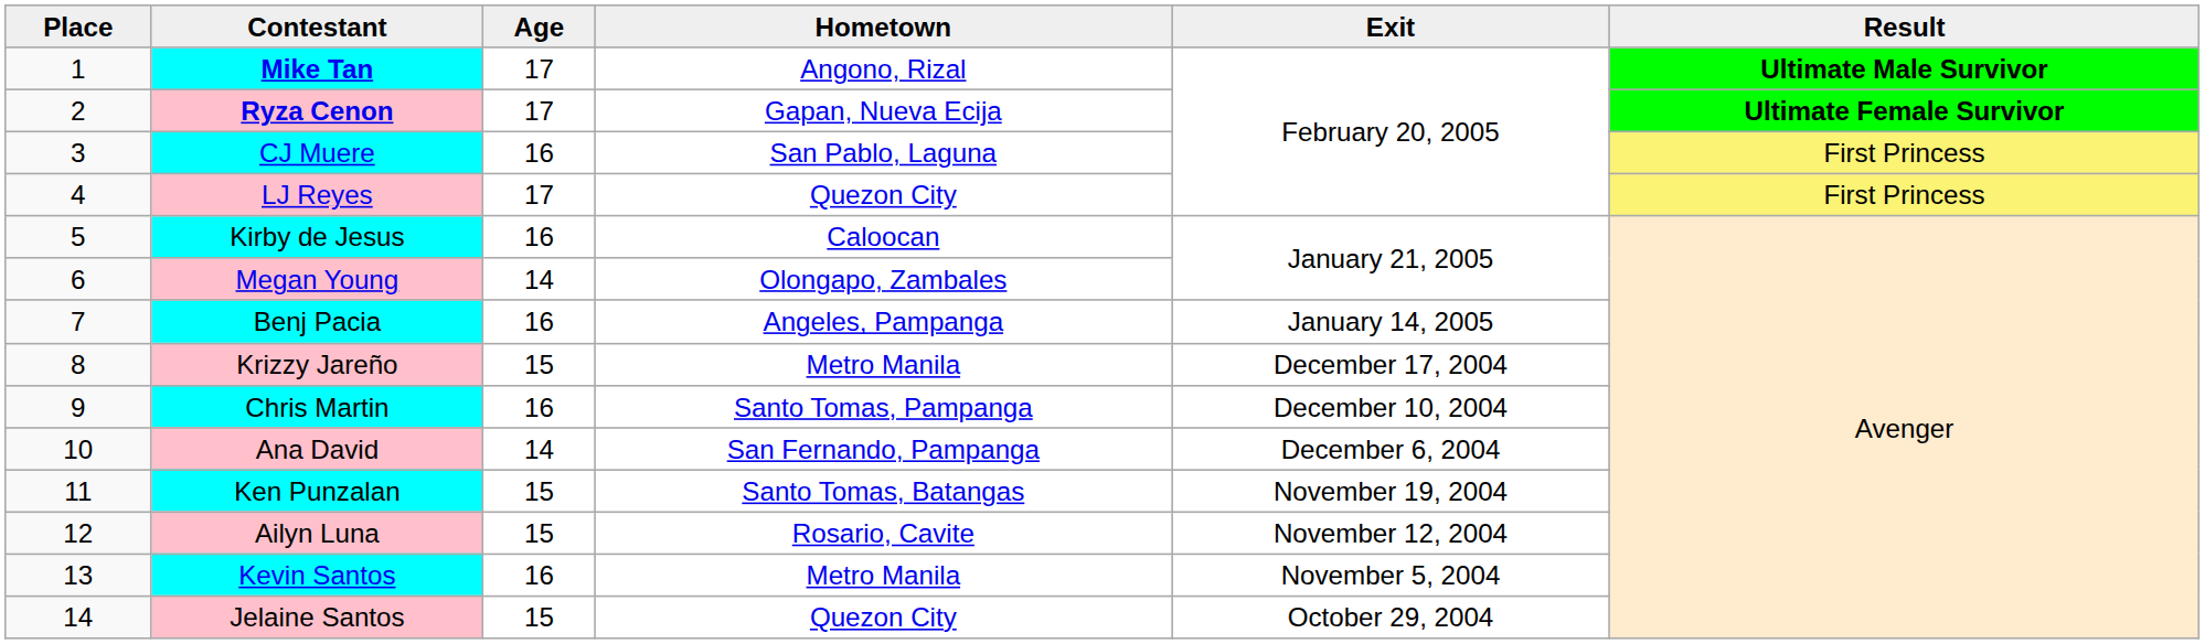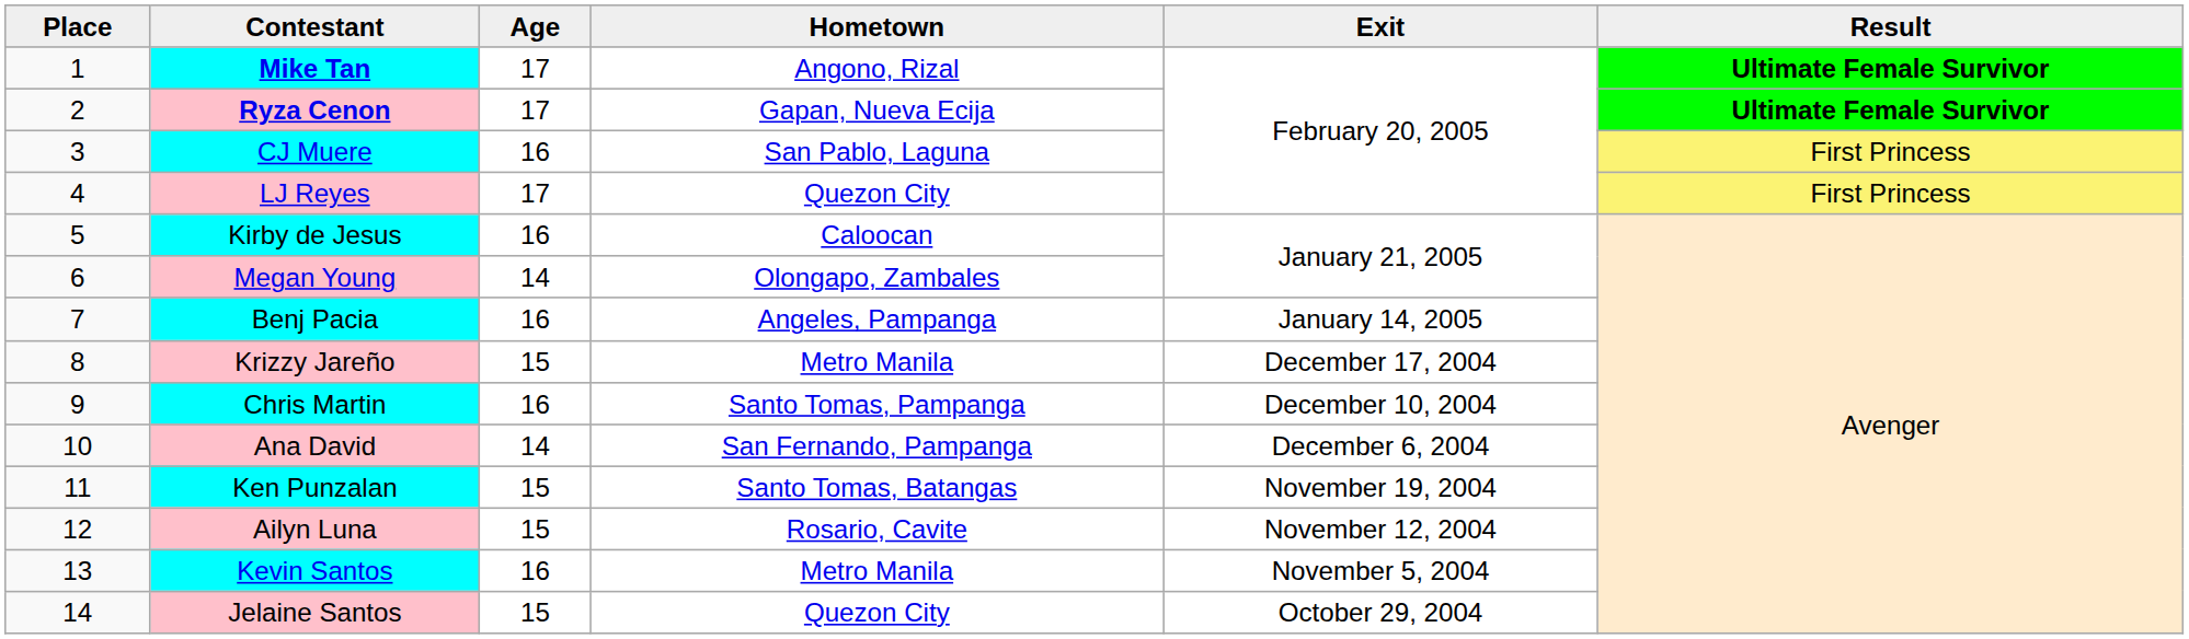 <table class="wikitable nowrap" style="text-align:center; font-size:95%;width:99%;">
 <tr>
 <th scope="col" style="background:#EFEFEF;">Place</th>
 <th scope="col" style="background:#EFEFEF;">Contestant</th>
 <th scope="col" style="background:#EFEFEF;">Age</th>
 <th scope="col" style="background:#EFEFEF;">Hometown</th>
 <th scope="col" style="background:#EFEFEF;">Exit</th>
 <th scope="col" style="background:#EFEFEF;">Result</th>
 </tr>
 <tr>
 <td>1</td>
 <td style="background:cyan;"><strong><a href='#'>Mike Tan</a></strong></td>
 <td style="background:#FFFFFF">17</td>
 <td style="background:#FFFFFF"><a href='#'>Angono, Rizal</a></td>
 <td style="background:#FFFFFF" rowspan=4>February 20, 2005</td>
-<td style="background:lime"><strong>Ultimate Male Survivor</strong></td>
+<td style="background:lime"><strong>Ultimate Female Survivor</strong></td>
 </tr>
 <tr>
 <td>2</td>
 <td style="background:pink;"><strong><a href='#'>Ryza Cenon</a></strong></td>
 <td style="background:#FFFFFF">17</td>
 <td style="background:#FFFFFF"><a href='#'>Gapan, Nueva Ecija</a></td>
 <td style="background:lime"><strong>Ultimate Female Survivor</strong></td>
 </tr>
 <tr>
 <td>3</td>
 <td style="background:cyan;"><a href='#'>CJ Muere</a></td>
 <td style="background:#FFFFFF">16</td>
 <td style="background:#FFFFFF"><a href='#'>San Pablo, Laguna</a></td>
 <td style="background:#FBF373">First Princess</td>
 </tr>
 <tr>
 <td>4</td>
 <td style="background:pink;"><a href='#'>LJ Reyes</a></td>
 <td style="background:#FFFFFF">17</td>
 <td style="background:#FFFFFF"><a href='#'>Quezon City</a></td>
 <td style="background:#FBF373">First Princess</td>
 </tr>
 <tr>
 <td>5</td>
 <td style="background:cyan;">Kirby de Jesus</td>
 <td style="background:#FFFFFF">16</td>
 <td style="background:#FFFFFF"><a href='#'>Caloocan</a></td>
 <td style="background:#FFFFFF" rowspan=2>January 21, 2005</td>
 <td style="background:#FFEBCD" rowspan=10>Avenger</td>
 </tr>
 <tr>
 <td>6</td>
 <td style="background:pink;"><a href='#'>Megan Young</a></td>
 <td style="background:#FFFFFF">14</td>
 <td style="background:#FFFFFF"><a href='#'>Olongapo, Zambales</a></td>
 </tr>
 <tr>
 <td>7</td>
 <td style="background:cyan;">Benj Pacia</td>
 <td style="background:#FFFFFF">16</td>
 <td style="background:#FFFFFF"><a href='#'>Angeles, Pampanga</a></td>
 <td style="background:#FFFFFF">January 14, 2005</td>
 </tr>
 <tr>
 <td>8</td>
 <td style="background:pink;">Krizzy Jareño</td>
 <td style="background:#FFFFFF">15</td>
 <td style="background:#FFFFFF"><a href='#'>Metro Manila</a></td>
 <td style="background:#FFFFFF">December 17, 2004</td>
 </tr>
 <tr>
 <td>9</td>
 <td style="background:cyan;">Chris Martin</td>
 <td style="background:#FFFFFF">16</td>
 <td style="background:#FFFFFF"><a href='#'>Santo Tomas, Pampanga</a></td>
 <td style="background:#FFFFFF">December 10, 2004</td>
 </tr>
 <tr>
 <td>10</td>
 <td style="background:pink;">Ana David</td>
 <td style="background:#FFFFFF">14</td>
 <td style="background:#FFFFFF"><a href='#'>San Fernando, Pampanga</a></td>
 <td style="background:#FFFFFF">December 6, 2004</td>
 </tr>
 <tr>
 <td>11</td>
 <td style="background:cyan;">Ken Punzalan</td>
 <td style="background:#FFFFFF">15</td>
 <td style="background:#FFFFFF"><a href='#'>Santo Tomas, Batangas</a></td>
 <td style="background:#FFFFFF">November 19, 2004</td>
 </tr>
 <tr>
 <td>12</td>
 <td style="background:pink;">Ailyn Luna</td>
 <td style="background:#FFFFFF">15</td>
 <td style="background:#FFFFFF"><a href='#'>Rosario, Cavite</a></td>
 <td style="background:#FFFFFF">November 12, 2004</td>
 </tr>
 <tr>
 <td>13</td>
 <td style="background:cyan"><a href='#'>Kevin Santos</a></td>
 <td style="background:#FFFFFF">16</td>
 <td style="background:#FFFFFF"><a href='#'>Metro Manila</a></td>
 <td style="background:#FFFFFF">November 5, 2004</td>
 </tr>
 <tr>
 <td>14</td>
 <td style="background:pink;">Jelaine Santos</td>
 <td style="background:#FFFFFF">15</td>
 <td style="background:#FFFFFF"><a href='#'>Quezon City</a></td>
 <td style="background:#FFFFFF">October 29, 2004</td>
 </tr>
 </table>
